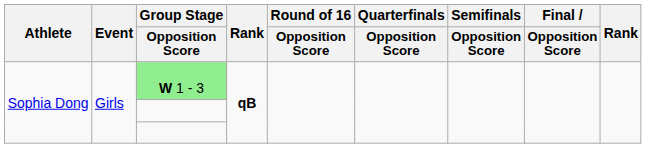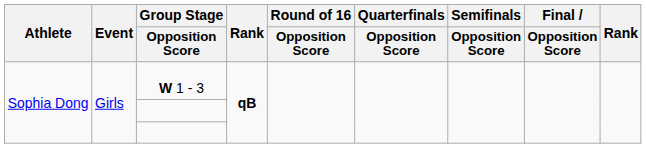 <table class=wikitable style="font-size:90%">
 <tr>
 <th rowspan="2">Athlete</th>
 <th rowspan="2">Event</th>
 <th>Group Stage</th>
 <th rowspan="2">Rank</th>
 <th>Round of 16</th>
 <th>Quarterfinals</th>
 <th>Semifinals</th>
 <th>Final / </th>
 <th rowspan=2>Rank</th>
 </tr>
 <tr style="font-size:95%">
 <th>Opposition<br>Score</th>
 <th>Opposition<br>Score</th>
 <th>Opposition<br>Score</th>
 <th>Opposition<br>Score</th>
 <th>Opposition<br>Score</th>
 </tr>
 <tr align=center>
 <td align=left rowspan=3><a href='#'>Sophia Dong</a></td>
 <td align=left rowspan=3><a href='#'>Girls</a></td>
-<td style="background: lightgreen;"><br><strong>W</strong> 1 - 3</td>
+<td><br><strong>W</strong> 1 - 3</td>
 <td rowspan=3><strong>qB</strong></td>
 <td rowspan=3></td>
 <td rowspan=3></td>
 <td rowspan=3></td>
 <td rowspan=3></td>
 <td rowspan=3></td>
 </tr>
 <tr align=center>
 <td><br></td>
 </tr>
 <tr align=center>
 <td><br></td>
 </tr>
 </table>
